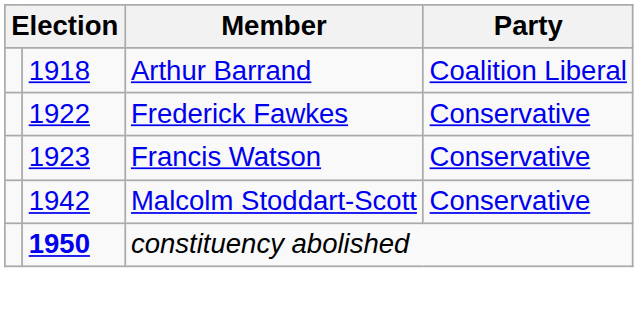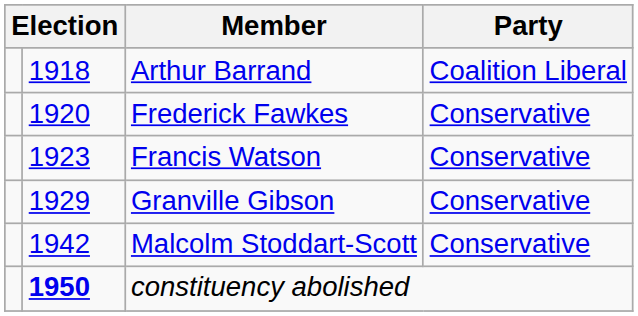 <table class="wikitable">
 <tr>
 <th colspan="2">Election</th>
 <th>Member</th>
 <th>Party</th>
 </tr>
 <tr>
 <td style="color:inherit;background-color: "></td>
 <td><a href='#'>1918</a></td>
 <td><a href='#'>Arthur Barrand</a></td>
 <td><a href='#'>Coalition Liberal</a></td>
 </tr>
 <tr>
 <td style="color:inherit;background-color: "></td>
-<td><a href='#'>1922</a></td>
+<td><a href='#'>1920</a></td>
 <td><a href='#'>Frederick Fawkes</a></td>
 <td><a href='#'>Conservative</a></td>
 </tr>
 <tr>
 <td style="color:inherit;background-color: "></td>
 <td><a href='#'>1923</a></td>
 <td><a href='#'>Francis Watson</a></td>
+<td><a href='#'>Conservative</a></td>
+</tr>
+<tr>
+<td style="color:inherit;background-color: "></td>
+<td><a href='#'>1929</a></td>
+<td><a href='#'>Granville Gibson</a></td>
 <td><a href='#'>Conservative</a></td>
 </tr>
 <tr>
 <td style="color:inherit;background-color: "></td>
 <td><a href='#'>1942</a></td>
 <td><a href='#'>Malcolm Stoddart-Scott</a></td>
 <td><a href='#'>Conservative</a></td>
 </tr>
 <tr>
 <td></td>
 <td><strong><a href='#'>1950</a></strong></td>
 <td colspan="2"><em>constituency abolished</em></td>
 </tr>
 </table>
